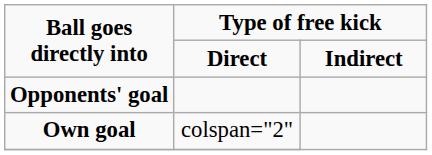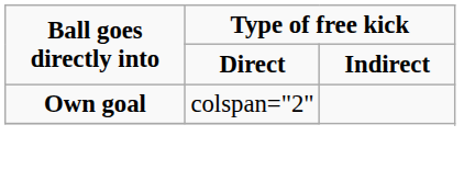 <table class="wikitable " style="center;text-align: center; table-layout: fixed;">
 <tr>
 <td rowspan="2"><strong>Ball goes <br> directly into</strong></td>
 <td colspan="2"><strong>Type of free kick </strong></td>
 </tr>
 <tr>
 <td style="width: 30%"><strong>Direct</strong></td>
 <td style="width: 30%"><strong>Indirect</strong></td>
 </tr>
 <tr>
-<td><strong>Opponents' goal</strong></td>
-<td></td>
-<td></td>
-</tr>
-<tr>
 <td><strong>Own goal</strong></td>
 <td>colspan="2" </td>
 </tr>
 <tr>
 </tr>
 </table>
